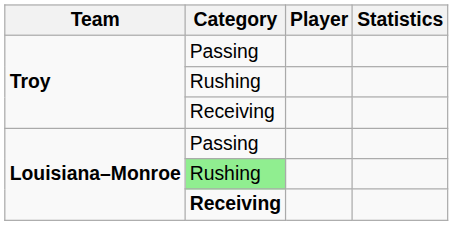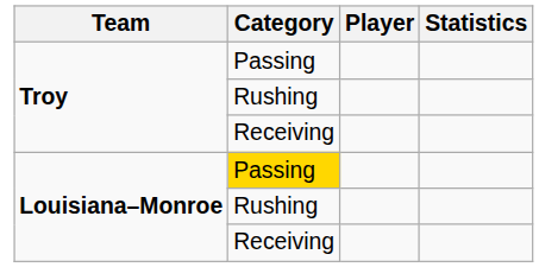 <table class="wikitable" style="float: right;">
 <tr>
 <th>Team</th>
 <th>Category</th>
 <th>Player</th>
 <th>Statistics</th>
 </tr>
 <tr>
 <td rowspan=3><strong>Troy</strong></td>
 <td>Passing</td>
 <td></td>
 <td></td>
 </tr>
 <tr>
 <td>Rushing</td>
 <td></td>
 <td></td>
 </tr>
 <tr>
 <td>Receiving</td>
 <td></td>
 <td></td>
 </tr>
 <tr>
 <td rowspan=3><strong>Louisiana–Monroe</strong></td>
-<td>Passing</td>
+<td style="background: gold;">Passing</td>
 <td></td>
 <td></td>
 </tr>
 <tr>
-<td style="background: lightgreen;">Rushing</td>
+<td>Rushing</td>
 <td></td>
 <td></td>
 </tr>
 <tr>
-<td><strong>Receiving</strong></td>
+<td>Receiving</td>
 <td></td>
 <td></td>
 </tr>
 </table>
